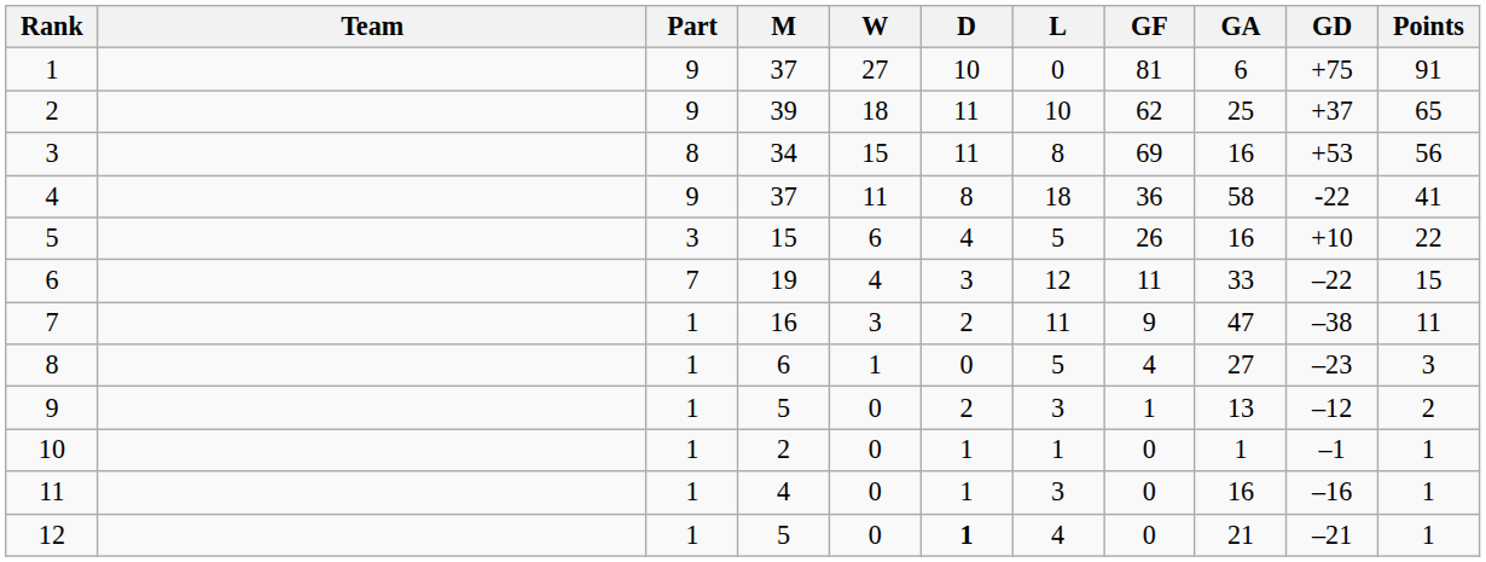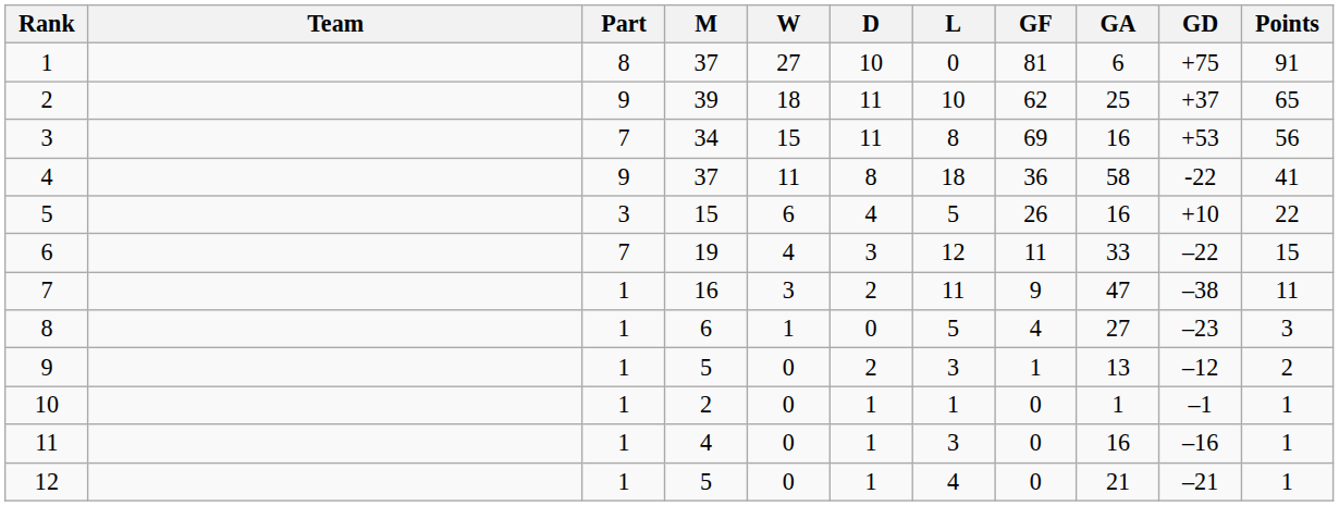 <table class="wikitable sortable" width=70% style="text-align:center">
 <tr>
 <th width=5%>Rank</th>
 <th width=30%>Team</th>
 <th width=5%>Part</th>
 <th width=5%>M</th>
 <th width=5%>W</th>
 <th width=5%>D</th>
 <th width=5%>L</th>
 <th width=5%>GF</th>
 <th width=5%>GA</th>
 <th width=5%>GD</th>
 <th width=5%>Points</th>
 </tr>
 <tr>
 <td>1</td>
 <td style="text-align:left;"></td>
-<td>9</td>
+<td>8</td>
 <td>37</td>
 <td>27</td>
 <td>10</td>
 <td>0</td>
 <td>81</td>
 <td>6</td>
 <td>+75</td>
 <td>91</td>
 </tr>
 <tr>
 <td>2</td>
 <td style="text-align:left;"></td>
 <td>9</td>
 <td>39</td>
 <td>18</td>
 <td>11</td>
 <td>10</td>
 <td>62</td>
 <td>25</td>
 <td>+37</td>
 <td>65</td>
 </tr>
 <tr>
 <td>3</td>
 <td style="text-align:left;"></td>
-<td>8</td>
+<td>7</td>
 <td>34</td>
 <td>15</td>
 <td>11</td>
 <td>8</td>
 <td>69</td>
 <td>16</td>
 <td>+53</td>
 <td>56</td>
 </tr>
 <tr>
 <td>4</td>
 <td style="text-align:left;"></td>
 <td>9</td>
 <td>37</td>
 <td>11</td>
 <td>8</td>
 <td>18</td>
 <td>36</td>
 <td>58</td>
 <td>-22</td>
 <td>41</td>
 </tr>
 <tr>
 <td>5</td>
 <td style="text-align:left;"></td>
 <td>3</td>
 <td>15</td>
 <td>6</td>
 <td>4</td>
 <td>5</td>
 <td>26</td>
 <td>16</td>
 <td>+10</td>
 <td>22</td>
 </tr>
 <tr>
 <td>6</td>
 <td style="text-align:left;"></td>
 <td>7</td>
 <td>19</td>
 <td>4</td>
 <td>3</td>
 <td>12</td>
 <td>11</td>
 <td>33</td>
 <td>–22</td>
 <td>15</td>
 </tr>
 <tr>
 <td>7</td>
 <td style="text-align:left;"></td>
 <td>1</td>
 <td>16</td>
 <td>3</td>
 <td>2</td>
 <td>11</td>
 <td>9</td>
 <td>47</td>
 <td>–38</td>
 <td>11</td>
 </tr>
 <tr>
 <td>8</td>
 <td style="text-align:left;"></td>
 <td>1</td>
 <td>6</td>
 <td>1</td>
 <td>0</td>
 <td>5</td>
 <td>4</td>
 <td>27</td>
 <td>–23</td>
 <td>3</td>
 </tr>
 <tr>
 <td>9</td>
 <td style="text-align:left;"></td>
 <td>1</td>
 <td>5</td>
 <td>0</td>
 <td>2</td>
 <td>3</td>
 <td>1</td>
 <td>13</td>
 <td>–12</td>
 <td>2</td>
 </tr>
 <tr>
 <td>10</td>
 <td style="text-align:left;"></td>
 <td>1</td>
 <td>2</td>
 <td>0</td>
 <td>1</td>
 <td>1</td>
 <td>0</td>
 <td>1</td>
 <td>–1</td>
 <td>1</td>
 </tr>
 <tr>
 <td>11</td>
 <td style="text-align:left;"></td>
 <td>1</td>
 <td>4</td>
 <td>0</td>
 <td>1</td>
 <td>3</td>
 <td>0</td>
 <td>16</td>
 <td>–16</td>
 <td>1</td>
 </tr>
 <tr>
 <td>12</td>
 <td style="text-align:left;"></td>
 <td>1</td>
 <td>5</td>
 <td>0</td>
-<td><strong>1</strong></td>
+<td>1</td>
 <td>4</td>
 <td>0</td>
 <td>21</td>
 <td>–21</td>
 <td>1</td>
 </tr>
 </table>
